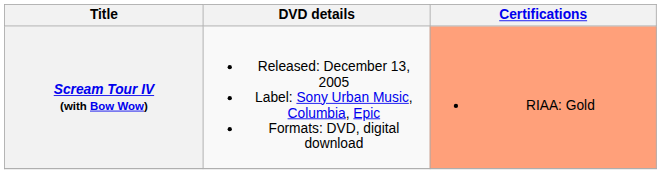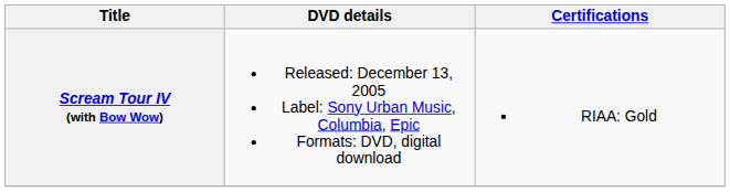 <table class="wikitable plainrowheaders" style="text-align:center;">
 <tr>
 <th scope="col" style="width:14em;">Title</th>
 <th scope="col" style="width:16em;">DVD details</th>
 <th scope="col" style="width:16em;"><a href='#'>Certifications</a></th>
 </tr>
 <tr>
 <th scope="row"><em><a href='#'>Scream Tour IV</a></em><br><small>(with <a href='#'>Bow Wow</a>)</small></th>
 <td><br><ul><li>Released: December 13, 2005</li><li>Label: <a href='#'>Sony Urban Music</a>, <a href='#'>Columbia</a>, <a href='#'>Epic</a></li><li>Formats: DVD, digital download</li></ul></td>
-<td style="background: lightsalmon;"><br><ul><li>RIAA: Gold</li></ul></td>
+<td><br><ul><li>RIAA: Gold</li></ul></td>
 </tr>
 <tr>
 </tr>
 </table>
